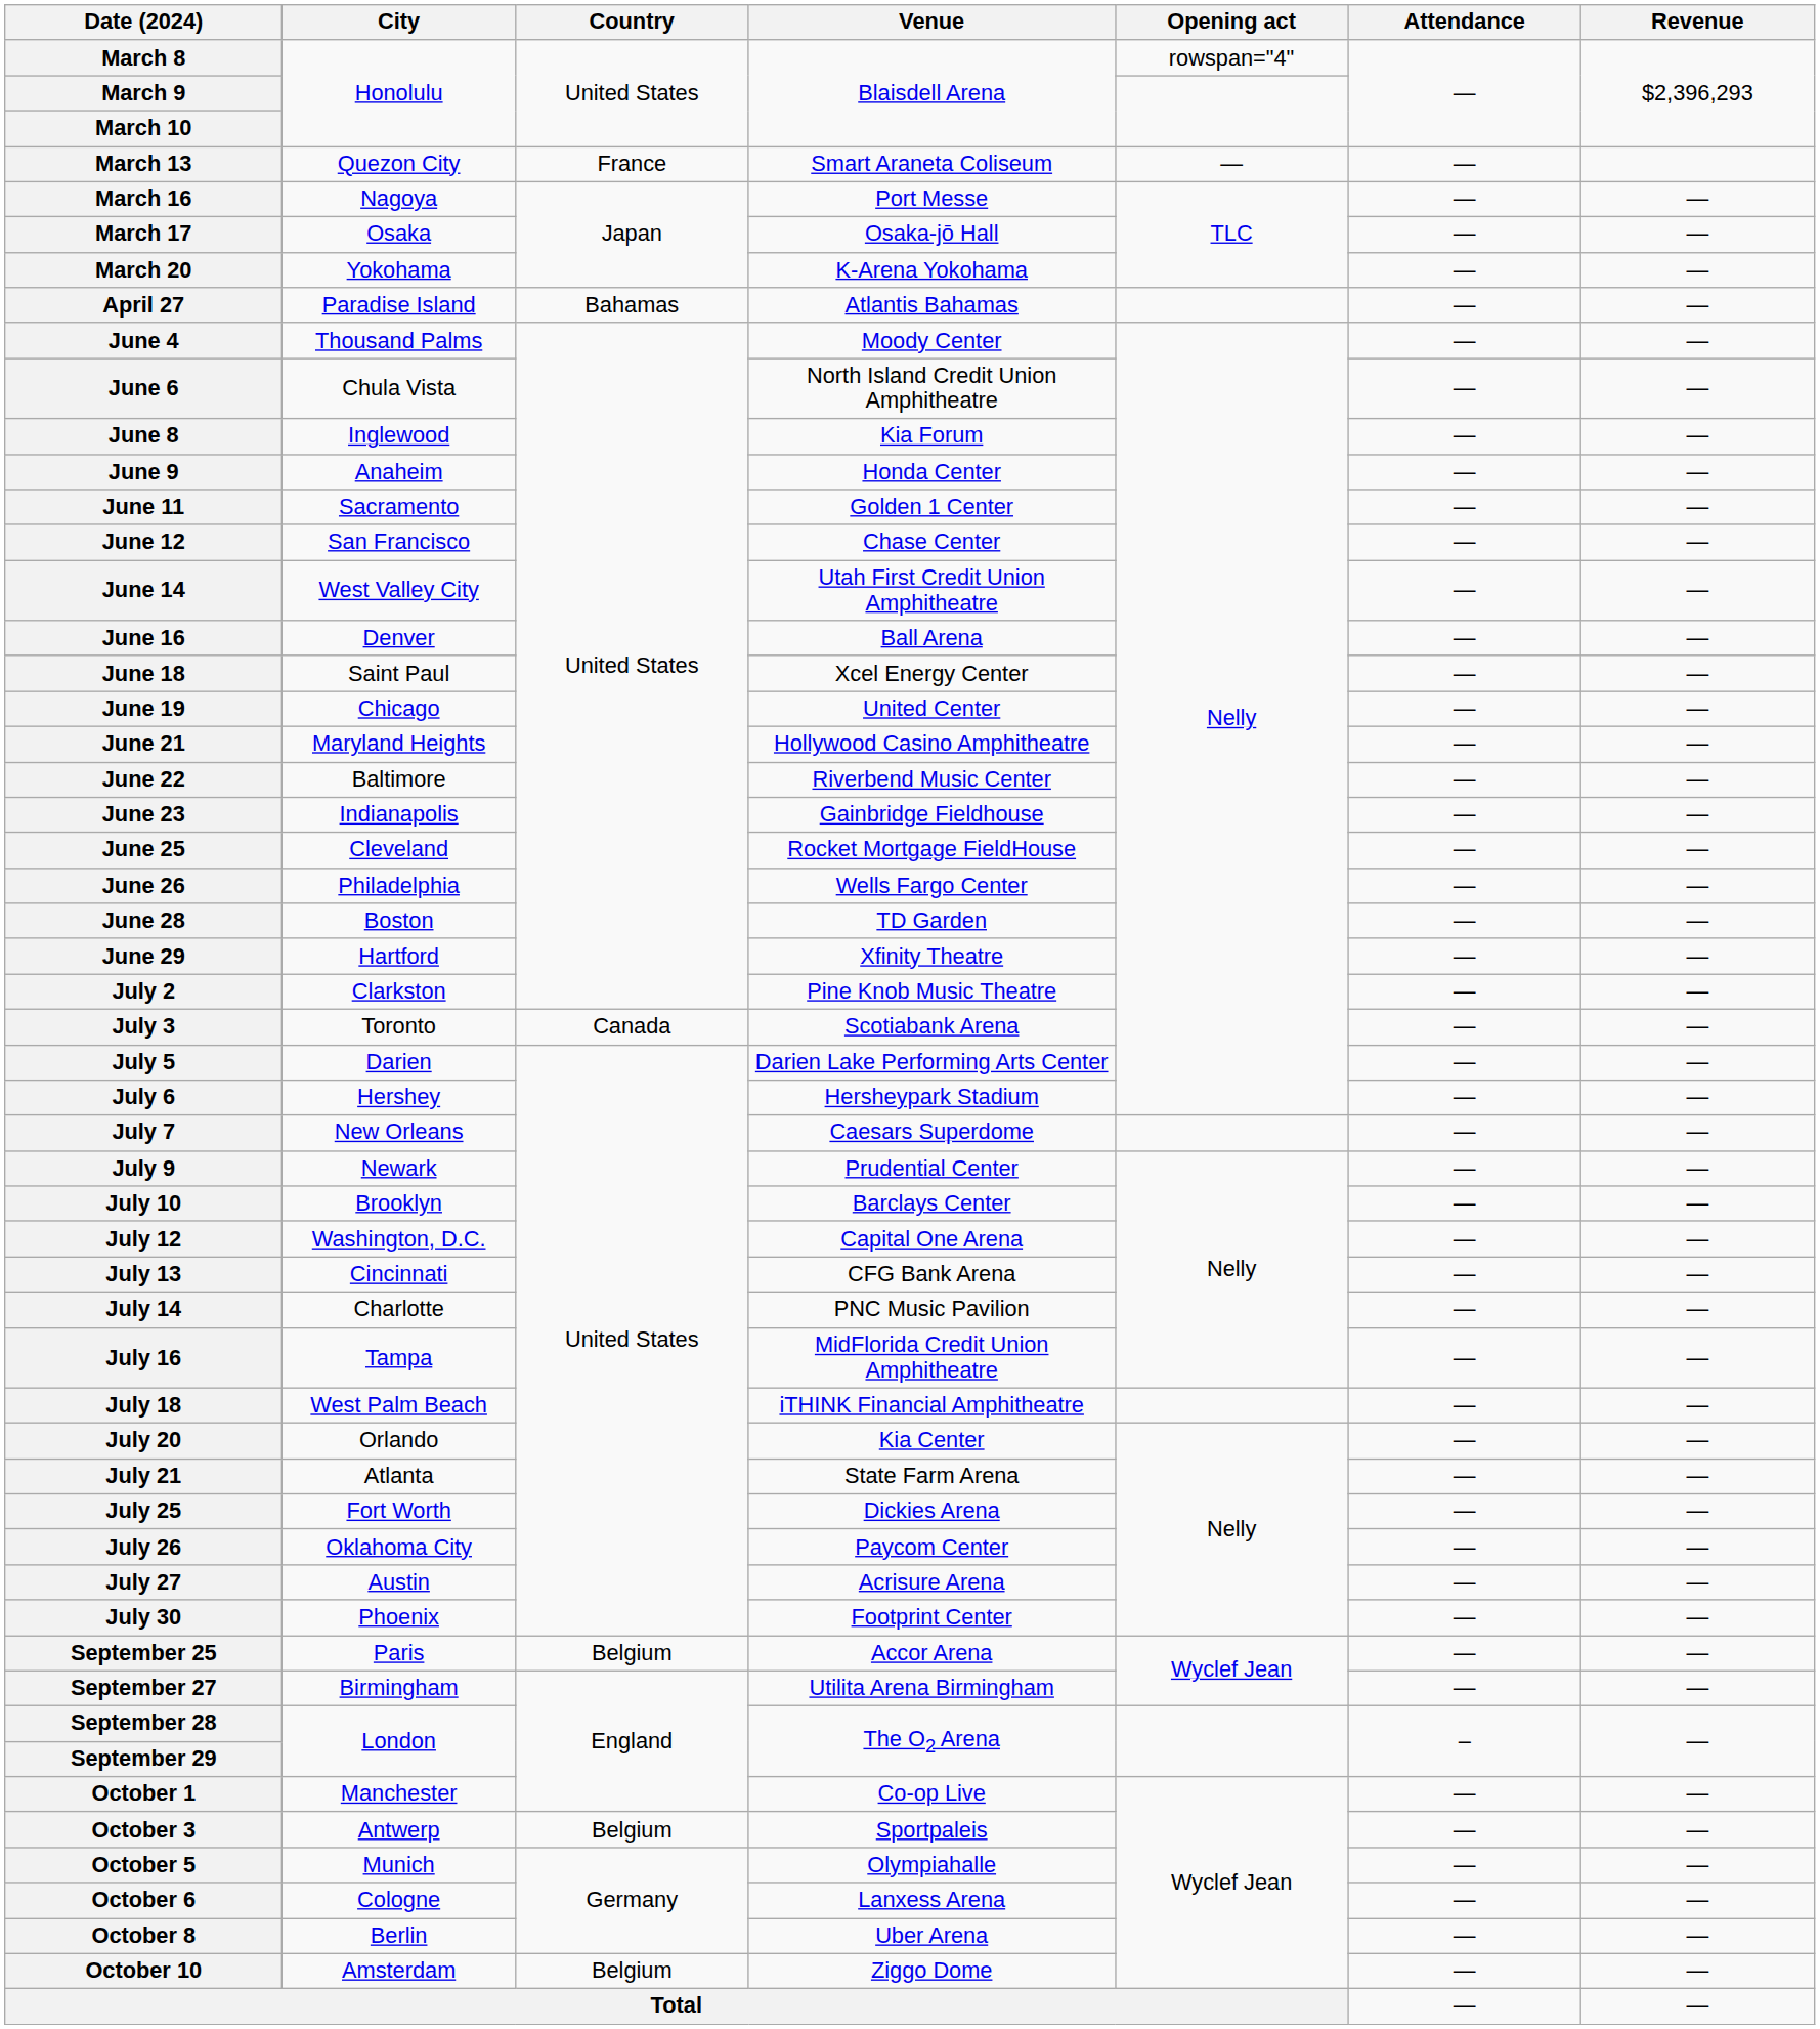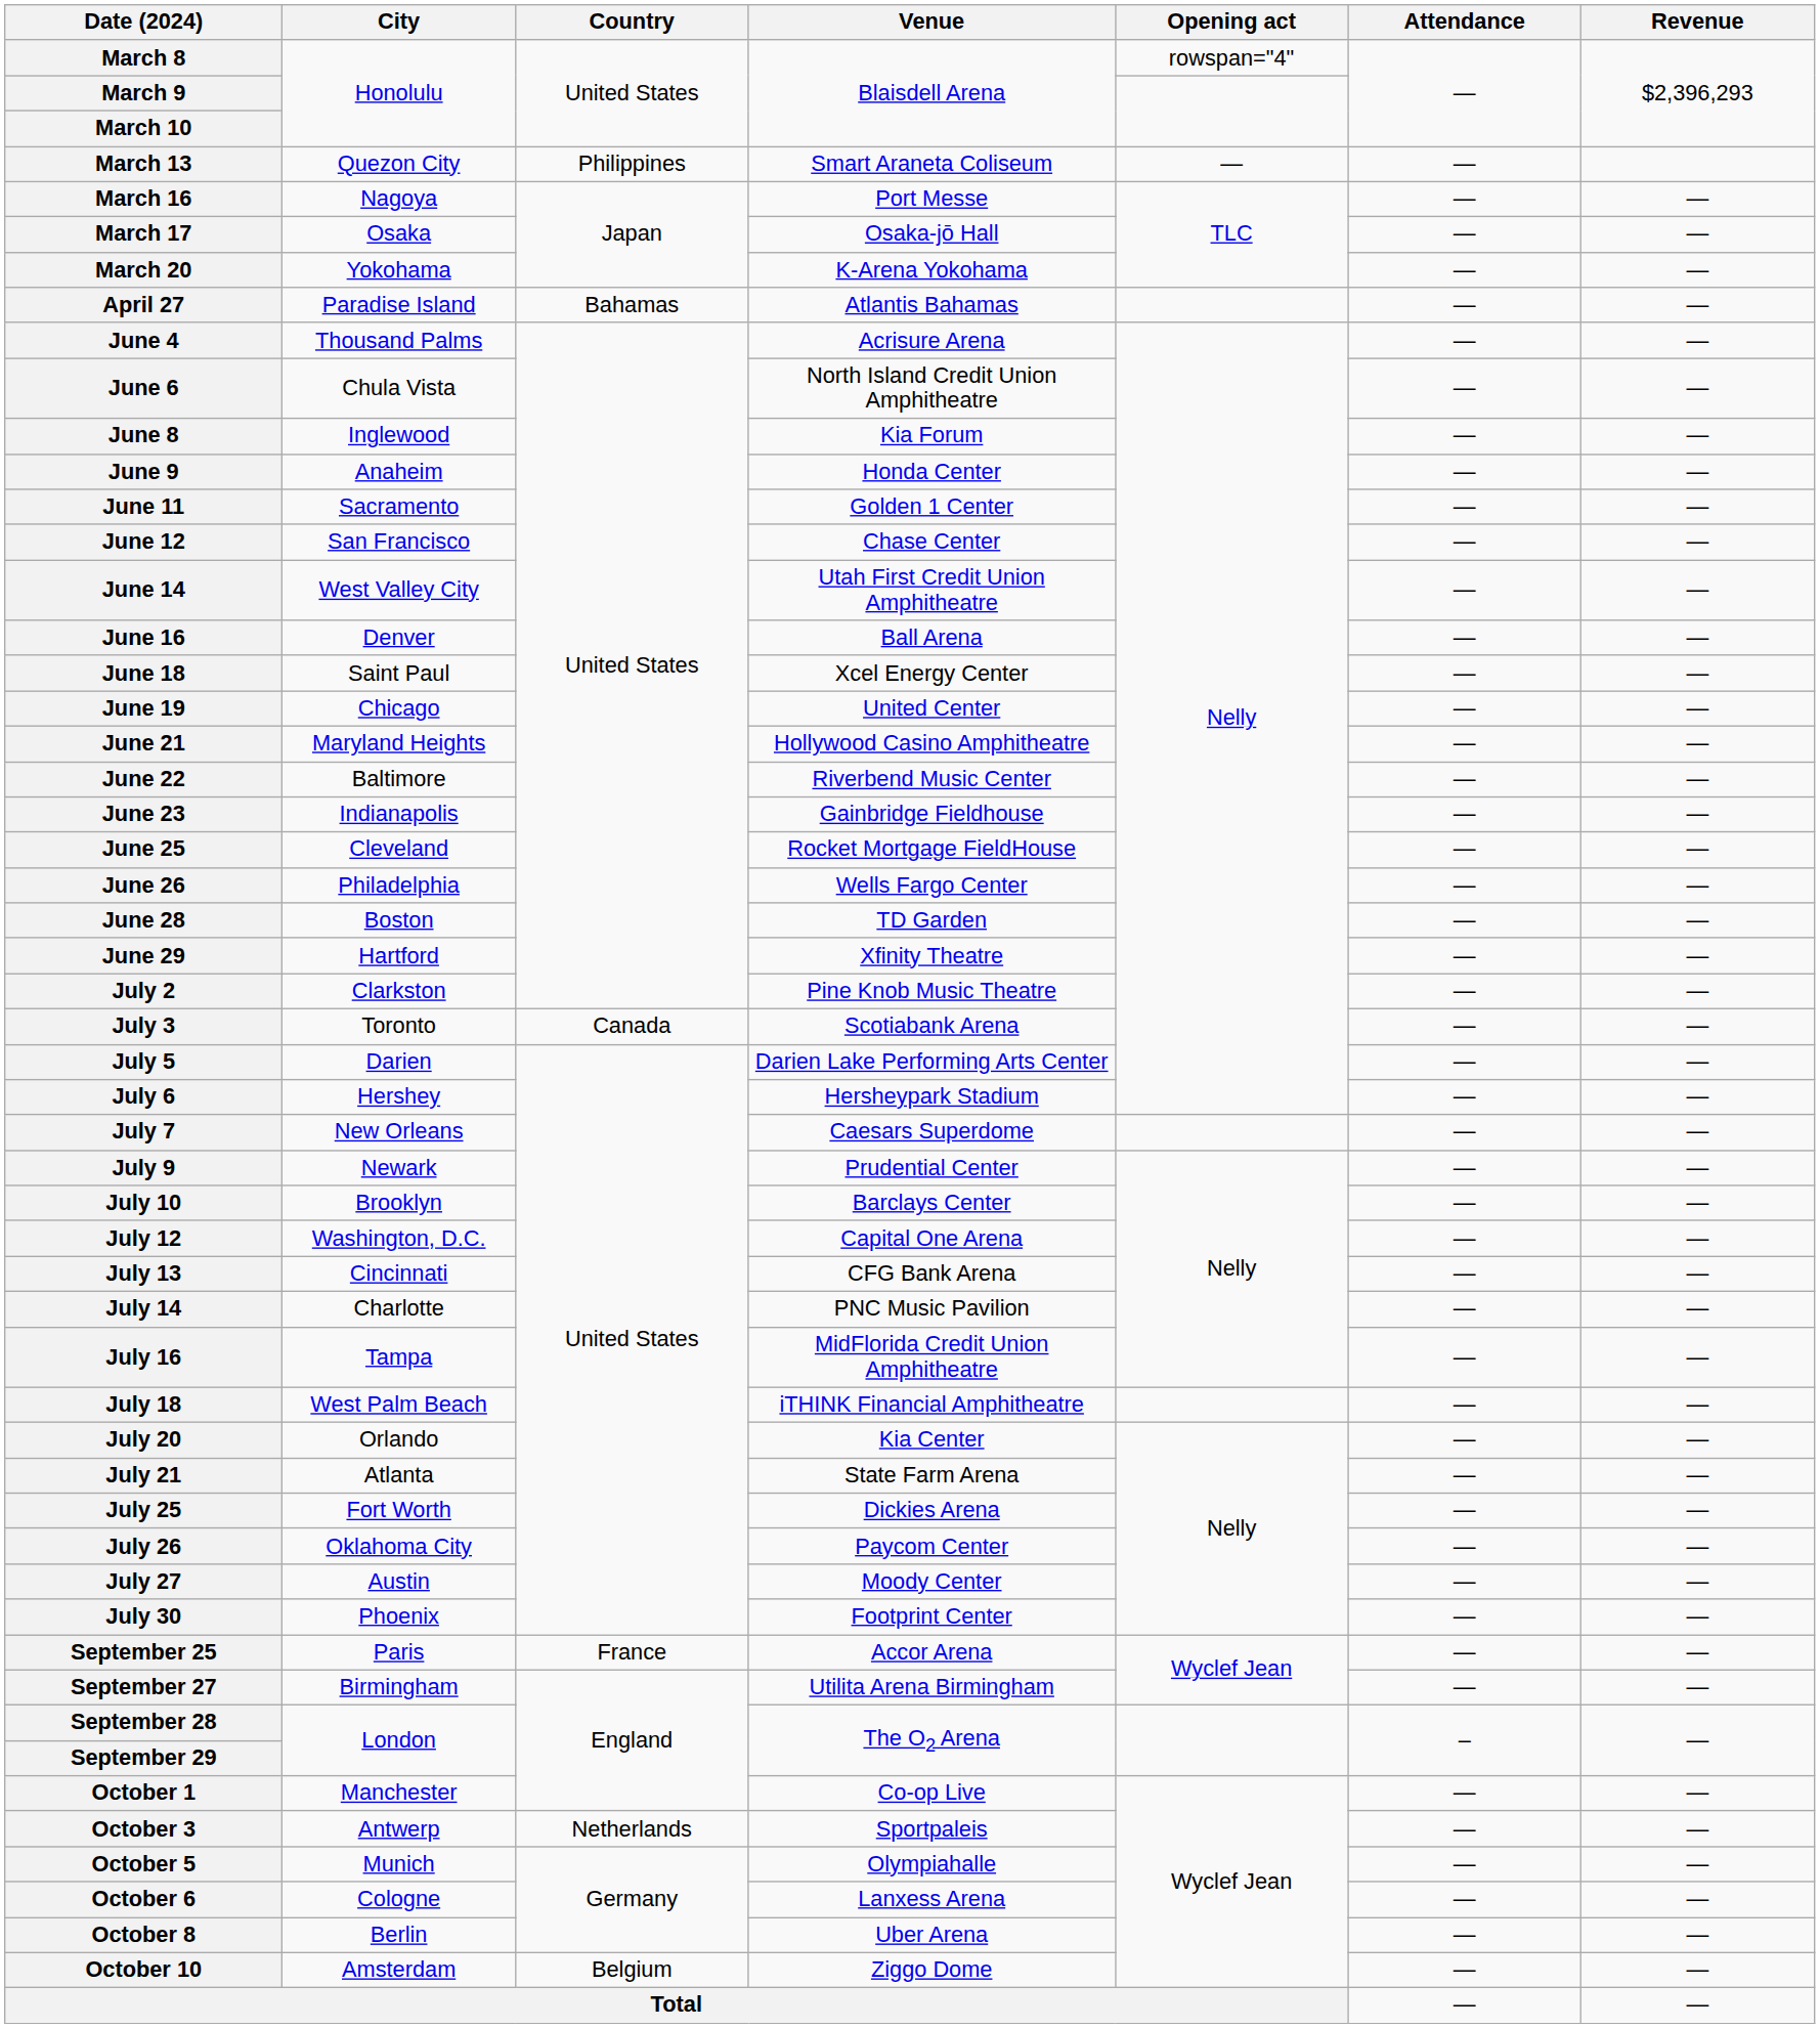 <table class="wikitable sortable plainrowheaders" style="text-align:center;">
 <tr>
 <th scope="col" style="width:12em;">Date (2024)</th>
 <th scope="col" style="width:10em;">City</th>
 <th scope="col" style="width:10em;">Country</th>
 <th scope="col" style="width:16em;">Venue</th>
 <th scope="col" style="width:10em;">Opening act</th>
 <th scope="col" style="width:10em;">Attendance</th>
 <th scope="col" style="width:10em;">Revenue</th>
 </tr>
 <tr>
 <th scope="row" style="text-align:center;">March 8</th>
 <td rowspan="3"><a href='#'>Honolulu</a></td>
 <td rowspan="3">United States</td>
 <td rowspan="3"><a href='#'>Blaisdell Arena</a></td>
 <td>rowspan="4" </td>
 <td rowspan="3">—</td>
 <td rowspan="3">$2,396,293</td>
 </tr>
 <tr>
 <th scope="row" style="text-align:center;">March 9</th>
 </tr>
 <tr>
 <th scope="row" style="text-align:center;">March 10</th>
 </tr>
 <tr>
 <th scope="row" style="text-align:center;">March 13</th>
 <td><a href='#'>Quezon City</a></td>
-<td>France</td>
+<td>Philippines</td>
 <td><a href='#'>Smart Araneta Coliseum</a></td>
 <td>—</td>
 <td>—</td>
 </tr>
 <tr>
 <th scope="row" style="text-align:center;">March 16</th>
 <td><a href='#'>Nagoya</a></td>
 <td rowspan="3">Japan</td>
 <td><a href='#'>Port Messe</a></td>
 <td rowspan="3"><a href='#'>TLC</a></td>
 <td>—</td>
 <td>—</td>
 </tr>
 <tr>
 <th scope="row" style="text-align:center;">March 17</th>
 <td><a href='#'>Osaka</a></td>
 <td><a href='#'>Osaka-jō Hall</a></td>
 <td>—</td>
 <td>—</td>
 </tr>
 <tr>
 <th scope="row" style="text-align:center;">March 20</th>
 <td><a href='#'>Yokohama</a></td>
 <td><a href='#'>K-Arena Yokohama</a></td>
 <td>—</td>
 <td>—</td>
 </tr>
 <tr>
 <th scope="row" style="text-align:center;">April 27</th>
 <td><a href='#'>Paradise Island</a></td>
 <td>Bahamas</td>
 <td><a href='#'>Atlantis Bahamas</a></td>
 <td></td>
 <td>—</td>
 <td>—</td>
 </tr>
 <tr>
 <th scope="row" style="text-align:center;">June 4</th>
 <td><a href='#'>Thousand Palms</a></td>
 <td rowspan="18">United States</td>
-<td><a href='#'>Moody Center</a></td>
+<td><a href='#'>Acrisure Arena</a></td>
 <td rowspan="21"><a href='#'>Nelly</a></td>
 <td>—</td>
 <td>—</td>
 </tr>
 <tr>
 <th scope="row" style="text-align:center;">June 6</th>
 <td>Chula Vista</td>
 <td>North Island Credit Union Amphitheatre</td>
 <td>—</td>
 <td>—</td>
 </tr>
 <tr>
 <th scope="row" style="text-align:center;">June 8</th>
 <td><a href='#'>Inglewood</a></td>
 <td><a href='#'>Kia Forum</a></td>
 <td>—</td>
 <td>—</td>
 </tr>
 <tr>
 <th scope="row" style="text-align:center;">June 9</th>
 <td><a href='#'>Anaheim</a></td>
 <td><a href='#'>Honda Center</a></td>
 <td>—</td>
 <td>—</td>
 </tr>
 <tr>
 <th scope="row" style="text-align:center;">June 11</th>
 <td><a href='#'>Sacramento</a></td>
 <td><a href='#'>Golden 1 Center</a></td>
 <td>—</td>
 <td>—</td>
 </tr>
 <tr>
 <th scope="row" style="text-align:center;">June 12</th>
 <td><a href='#'>San Francisco</a></td>
 <td><a href='#'>Chase Center</a></td>
 <td>—</td>
 <td>—</td>
 </tr>
 <tr>
 <th scope="row" style="text-align:center;">June 14</th>
 <td><a href='#'>West Valley City</a></td>
 <td><a href='#'>Utah First Credit Union Amphitheatre</a></td>
 <td>—</td>
 <td>—</td>
 </tr>
 <tr>
 <th scope="row" style="text-align:center;">June 16</th>
 <td><a href='#'>Denver</a></td>
 <td><a href='#'>Ball Arena</a></td>
 <td>—</td>
 <td>—</td>
 </tr>
 <tr>
 <th scope="row" style="text-align:center;">June 18</th>
 <td>Saint Paul</td>
 <td>Xcel Energy Center</td>
 <td>—</td>
 <td>—</td>
 </tr>
 <tr>
 <th scope="row" style="text-align:center;">June 19</th>
 <td><a href='#'>Chicago</a></td>
 <td><a href='#'>United Center</a></td>
 <td>—</td>
 <td>—</td>
 </tr>
 <tr>
 <th scope="row" style="text-align:center;">June 21</th>
 <td><a href='#'>Maryland Heights</a></td>
 <td><a href='#'>Hollywood Casino Amphitheatre</a></td>
 <td>—</td>
 <td>—</td>
 </tr>
 <tr>
 <th scope="row" style="text-align:center;">June 22</th>
 <td>Baltimore</td>
 <td><a href='#'>Riverbend Music Center</a></td>
 <td>—</td>
 <td>—</td>
 </tr>
 <tr>
 <th scope="row" style="text-align:center;">June 23</th>
 <td><a href='#'>Indianapolis</a></td>
 <td><a href='#'>Gainbridge Fieldhouse</a></td>
 <td>—</td>
 <td>—</td>
 </tr>
 <tr>
 <th scope="row" style="text-align:center;">June 25</th>
 <td><a href='#'>Cleveland</a></td>
 <td><a href='#'>Rocket Mortgage FieldHouse</a></td>
 <td>—</td>
 <td>—</td>
 </tr>
 <tr>
 <th scope="row" style="text-align:center;">June 26</th>
 <td><a href='#'>Philadelphia</a></td>
 <td><a href='#'>Wells Fargo Center</a></td>
 <td>—</td>
 <td>—</td>
 </tr>
 <tr>
 <th scope="row" style="text-align:center;">June 28</th>
 <td><a href='#'>Boston</a></td>
 <td><a href='#'>TD Garden</a></td>
 <td>—</td>
 <td>—</td>
 </tr>
 <tr>
 <th scope="row" style="text-align:center;">June 29</th>
 <td><a href='#'>Hartford</a></td>
 <td><a href='#'>Xfinity Theatre</a></td>
 <td>—</td>
 <td>—</td>
 </tr>
 <tr>
 <th scope="row" style="text-align:center;">July 2</th>
 <td><a href='#'>Clarkston</a></td>
 <td><a href='#'>Pine Knob Music Theatre</a></td>
 <td>—</td>
 <td>—</td>
 </tr>
 <tr>
 <th scope="row" style="text-align:center;">July 3</th>
 <td>Toronto</td>
 <td>Canada</td>
 <td><a href='#'>Scotiabank Arena</a></td>
 <td>—</td>
 <td>—</td>
 </tr>
 <tr>
 <th scope="row" style="text-align:center;">July 5</th>
 <td><a href='#'>Darien</a></td>
 <td rowspan="16">United States</td>
 <td><a href='#'>Darien Lake Performing Arts Center</a></td>
 <td>—</td>
 <td>—</td>
 </tr>
 <tr>
 <th scope="row" style="text-align:center;">July 6</th>
 <td><a href='#'>Hershey</a></td>
 <td><a href='#'>Hersheypark Stadium</a></td>
 <td>—</td>
 <td>—</td>
 </tr>
 <tr>
 <th scope="row" style="text-align:center;">July 7</th>
 <td><a href='#'>New Orleans</a></td>
 <td><a href='#'>Caesars Superdome</a></td>
 <td></td>
 <td>—</td>
 <td>—</td>
 </tr>
 <tr>
 <th scope="row" style="text-align:center;">July 9</th>
 <td><a href='#'>Newark</a></td>
 <td><a href='#'>Prudential Center</a></td>
 <td rowspan="6">Nelly</td>
 <td>—</td>
 <td>—</td>
 </tr>
 <tr>
 <th scope="row" style="text-align:center;">July 10</th>
 <td><a href='#'>Brooklyn</a></td>
 <td><a href='#'>Barclays Center</a></td>
 <td>—</td>
 <td>—</td>
 </tr>
 <tr>
 <th scope="row" style="text-align:center;">July 12</th>
 <td><a href='#'>Washington, D.C.</a></td>
 <td><a href='#'>Capital One Arena</a></td>
 <td>—</td>
 <td>—</td>
 </tr>
 <tr>
 <th scope="row" style="text-align:center;">July 13</th>
 <td><a href='#'>Cincinnati</a></td>
 <td>CFG Bank Arena</td>
 <td>—</td>
 <td>—</td>
 </tr>
 <tr>
 <th scope="row" style="text-align:center;">July 14</th>
 <td>Charlotte</td>
 <td>PNC Music Pavilion</td>
 <td>—</td>
 <td>—</td>
 </tr>
 <tr>
 <th scope="row" style="text-align:center;">July 16</th>
 <td><a href='#'>Tampa</a></td>
 <td><a href='#'>MidFlorida Credit Union Amphitheatre</a></td>
 <td>—</td>
 <td>—</td>
 </tr>
 <tr>
 <th scope="row" style="text-align:center;">July 18</th>
 <td><a href='#'>West Palm Beach</a></td>
 <td><a href='#'>iTHINK Financial Amphitheatre</a></td>
 <td></td>
 <td>—</td>
 <td>—</td>
 </tr>
 <tr>
 <th scope="row" style="text-align:center;">July 20</th>
 <td>Orlando</td>
 <td><a href='#'>Kia Center</a></td>
 <td rowspan="6">Nelly</td>
 <td>—</td>
 <td>—</td>
 </tr>
 <tr>
 <th scope="row" style="text-align:center;">July 21</th>
 <td>Atlanta</td>
 <td>State Farm Arena</td>
 <td>—</td>
 <td>—</td>
 </tr>
 <tr>
 <th scope="row" style="text-align:center;">July 25</th>
 <td><a href='#'>Fort Worth</a></td>
 <td><a href='#'>Dickies Arena</a></td>
 <td>—</td>
 <td>—</td>
 </tr>
 <tr>
 <th scope="row" style="text-align:center;">July 26</th>
 <td><a href='#'>Oklahoma City</a></td>
 <td><a href='#'>Paycom Center</a></td>
 <td>—</td>
 <td>—</td>
 </tr>
 <tr>
 <th scope="row" style="text-align:center;">July 27</th>
 <td><a href='#'>Austin</a></td>
-<td><a href='#'>Acrisure Arena</a></td>
+<td><a href='#'>Moody Center</a></td>
 <td>—</td>
 <td>—</td>
 </tr>
 <tr>
 <th scope="row" style="text-align:center;">July 30</th>
 <td><a href='#'>Phoenix</a></td>
 <td><a href='#'>Footprint Center</a></td>
 <td>—</td>
 <td>—</td>
 </tr>
 <tr>
 <th scope="row" style="text-align:center;">September 25</th>
 <td><a href='#'>Paris</a></td>
-<td>Belgium</td>
+<td>France</td>
 <td><a href='#'>Accor Arena</a></td>
 <td rowspan="2"><a href='#'>Wyclef Jean</a></td>
 <td>—</td>
 <td>—</td>
 </tr>
 <tr>
 <th scope="row" style="text-align:center;">September 27</th>
 <td><a href='#'>Birmingham</a></td>
 <td rowspan="4">England</td>
 <td><a href='#'>Utilita Arena Birmingham</a></td>
 <td>—</td>
 <td>—</td>
 </tr>
 <tr>
 <th scope="row" style="text-align:center;">September 28</th>
 <td rowspan="2"><a href='#'>London</a></td>
 <td rowspan="2"><a href='#'>The O<sub>2</sub> Arena</a></td>
 <td rowspan="2"></td>
 <td rowspan="2">–</td>
 <td rowspan="2">—</td>
 </tr>
 <tr>
 <th scope="row" style="text-align:center;">September 29</th>
 </tr>
 <tr>
 <th scope="row" style="text-align:center;">October 1</th>
 <td><a href='#'>Manchester</a></td>
 <td><a href='#'>Co-op Live</a></td>
 <td rowspan="6">Wyclef Jean</td>
 <td>—</td>
 <td>—</td>
 </tr>
 <tr>
 <th scope="row" style="text-align:center;">October 3</th>
 <td><a href='#'>Antwerp</a></td>
-<td>Belgium</td>
+<td>Netherlands</td>
 <td><a href='#'>Sportpaleis</a></td>
 <td>—</td>
 <td>—</td>
 </tr>
 <tr>
 <th scope="row" style="text-align:center;">October 5</th>
 <td><a href='#'>Munich</a></td>
 <td rowspan="3">Germany</td>
 <td><a href='#'>Olympiahalle</a></td>
 <td>—</td>
 <td>—</td>
 </tr>
 <tr>
 <th scope="row" style="text-align:center;">October 6</th>
 <td><a href='#'>Cologne</a></td>
 <td><a href='#'>Lanxess Arena</a></td>
 <td>—</td>
 <td>—</td>
 </tr>
 <tr>
 <th scope="row" style="text-align:center;">October 8</th>
 <td><a href='#'>Berlin</a></td>
 <td><a href='#'>Uber Arena</a></td>
 <td>—</td>
 <td>—</td>
 </tr>
 <tr>
 <th scope="row" style="text-align:center;">October 10</th>
 <td><a href='#'>Amsterdam</a></td>
 <td>Belgium</td>
 <td><a href='#'>Ziggo Dome</a></td>
 <td>—</td>
 <td>—</td>
 </tr>
 <tr>
 <th colspan="5">Total</th>
 <td>—</td>
 <td>—</td>
 </tr>
 </table>
